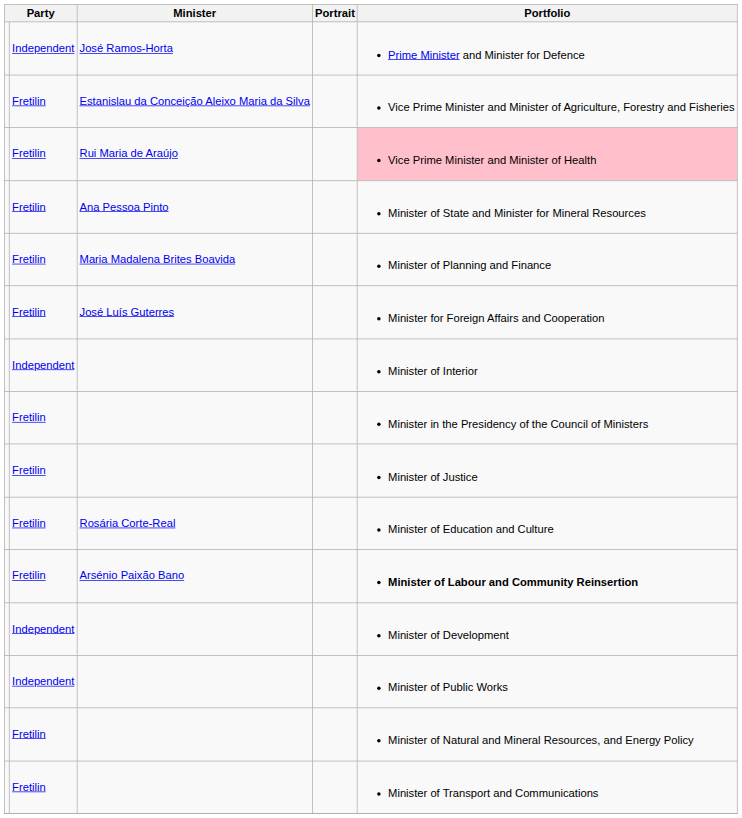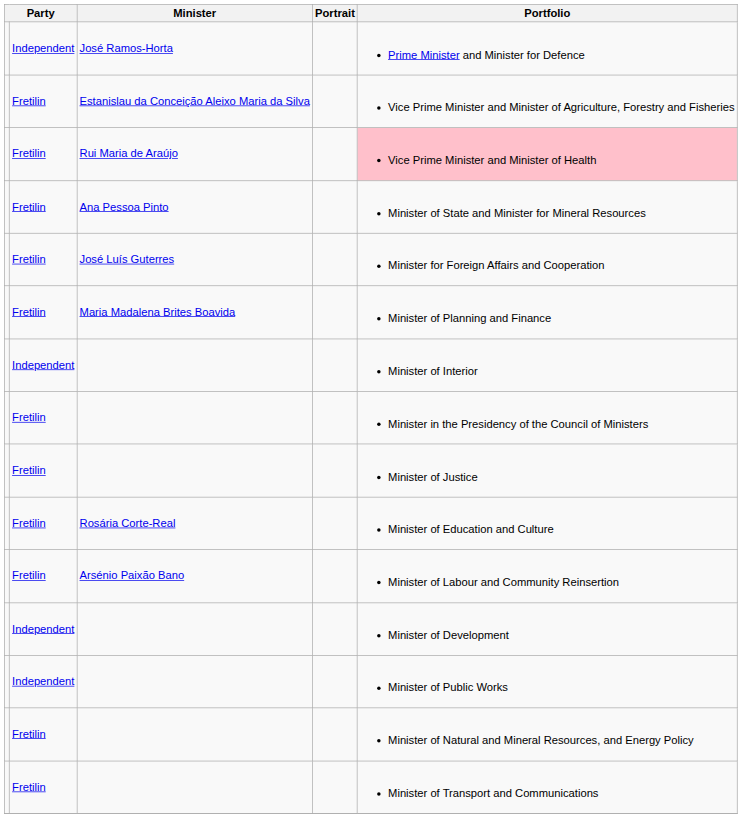 <table class="wikitable sortable">
 <tr>
 <th colspan="2">Party</th>
 <th>Minister</th>
 <th>Portrait</th>
 <th>Portfolio</th>
 </tr>
 <tr>
 <td style="background:"></td>
 <td><a href='#'>Independent</a></td>
 <td><a href='#'>José Ramos-Horta</a></td>
 <td></td>
 <td><br><ul><li><a href='#'>Prime Minister</a> and Minister for Defence</li></ul></td>
 </tr>
 <tr>
 <td style="background:"></td>
 <td><a href='#'>Fretilin</a></td>
 <td><a href='#'>Estanislau da Conceição Aleixo Maria da Silva</a></td>
 <td></td>
 <td><br><ul><li>Vice Prime Minister and Minister of Agriculture, Forestry and Fisheries</li></ul></td>
 </tr>
 <tr>
 <td style="background:"></td>
 <td><a href='#'>Fretilin</a></td>
 <td><a href='#'>Rui Maria de Araújo</a></td>
 <td></td>
 <td style="background: pink;"><br><ul><li>Vice Prime Minister and Minister of Health</li></ul></td>
 </tr>
 <tr>
 <td style="background:"></td>
 <td><a href='#'>Fretilin</a></td>
 <td><a href='#'>Ana Pessoa Pinto</a></td>
 <td></td>
 <td><br><ul><li>Minister of State and Minister for Mineral Resources</li></ul></td>
 </tr>
 <tr>
 <td style="background:"></td>
 <td><a href='#'>Fretilin</a></td>
-<td><a href='#'>Maria Madalena Brites Boavida</a></td>
+<td><a href='#'>José Luís Guterres</a></td>
 <td></td>
-<td><br><ul><li>Minister of Planning and Finance</li></ul></td>
+<td><br><ul><li>Minister for Foreign Affairs and Cooperation</li></ul></td>
 </tr>
 <tr>
 <td style="background:"></td>
 <td><a href='#'>Fretilin</a></td>
-<td><a href='#'>José Luís Guterres</a></td>
+<td><a href='#'>Maria Madalena Brites Boavida</a></td>
 <td></td>
-<td><br><ul><li>Minister for Foreign Affairs and Cooperation</li></ul></td>
+<td><br><ul><li>Minister of Planning and Finance</li></ul></td>
 </tr>
 <tr>
 <td style="background:"></td>
 <td><a href='#'>Independent</a></td>
 <td></td>
 <td></td>
 <td><br><ul><li>Minister of Interior</li></ul></td>
 </tr>
 <tr>
 <td style="background:"></td>
 <td><a href='#'>Fretilin</a></td>
 <td></td>
 <td></td>
 <td><br><ul><li>Minister in the Presidency of the Council of Ministers</li></ul></td>
 </tr>
 <tr>
 <td style="background:"></td>
 <td><a href='#'>Fretilin</a></td>
 <td></td>
 <td></td>
 <td><br><ul><li>Minister of Justice</li></ul></td>
 </tr>
 <tr>
 <td style="background:"></td>
 <td><a href='#'>Fretilin</a></td>
 <td><a href='#'>Rosária Corte-Real</a></td>
 <td></td>
 <td><br><ul><li>Minister of Education and Culture</li></ul></td>
 </tr>
 <tr>
 <td style="background:"></td>
 <td><a href='#'>Fretilin</a></td>
 <td><a href='#'>Arsénio Paixão Bano</a></td>
 <td></td>
-<td><strong><br><ul><li>Minister of Labour and Community Reinsertion</li></ul></strong></td>
+<td><br><ul><li>Minister of Labour and Community Reinsertion</li></ul></td>
 </tr>
 <tr>
 <td style="background:"></td>
 <td><a href='#'>Independent</a></td>
 <td></td>
 <td></td>
 <td><br><ul><li>Minister of Development</li></ul></td>
 </tr>
 <tr>
 <td style="background:"></td>
 <td><a href='#'>Independent</a></td>
 <td></td>
 <td></td>
 <td><br><ul><li>Minister of Public Works</li></ul></td>
 </tr>
 <tr>
 <td style="background:"></td>
 <td><a href='#'>Fretilin</a></td>
 <td></td>
 <td></td>
 <td><br><ul><li>Minister of Natural and Mineral Resources, and Energy Policy</li></ul></td>
 </tr>
 <tr>
 <td style="background:"></td>
 <td><a href='#'>Fretilin</a></td>
 <td></td>
 <td></td>
 <td><br><ul><li>Minister of Transport and Communications</li></ul></td>
 </tr>
 <tr>
 </tr>
 </table>
